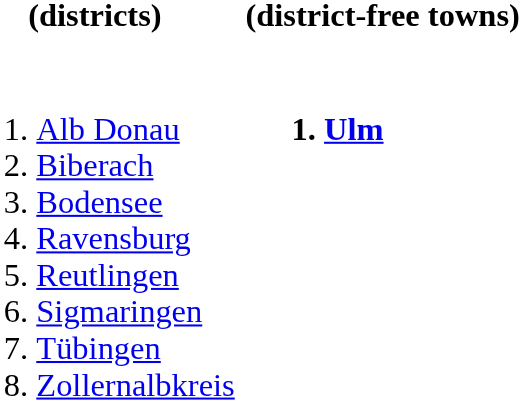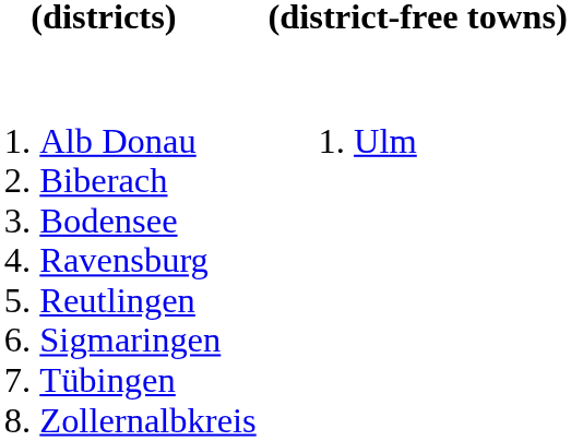 <table>
 <tr>
 <th width=50%><br>(districts)</th>
 <th width=50%><br>(district-free towns)</th>
 </tr>
 <tr valign=top>
 <td><br><ol><li><a href='#'>Alb Donau</a></li><li><a href='#'>Biberach</a></li><li><a href='#'>Bodensee</a></li><li><a href='#'>Ravensburg</a></li><li><a href='#'>Reutlingen</a></li><li><a href='#'>Sigmaringen</a></li><li><a href='#'>Tübingen</a></li><li><a href='#'>Zollernalbkreis</a></li></ol></td>
-<td><strong><br><ol><li><a href='#'>Ulm</a></li></ol></strong></td>
+<td><br><ol><li><a href='#'>Ulm</a></li></ol></td>
 </tr>
 </table>
